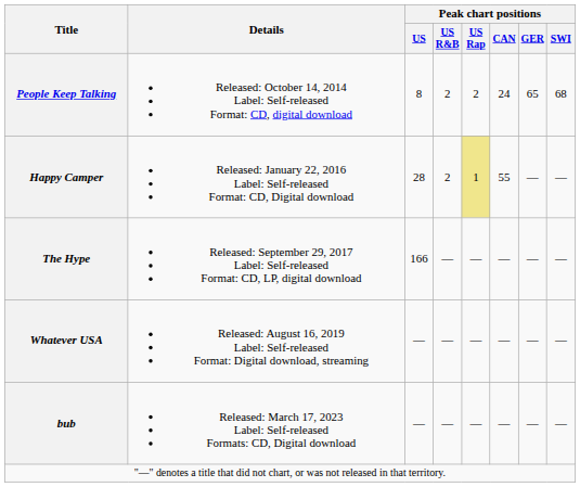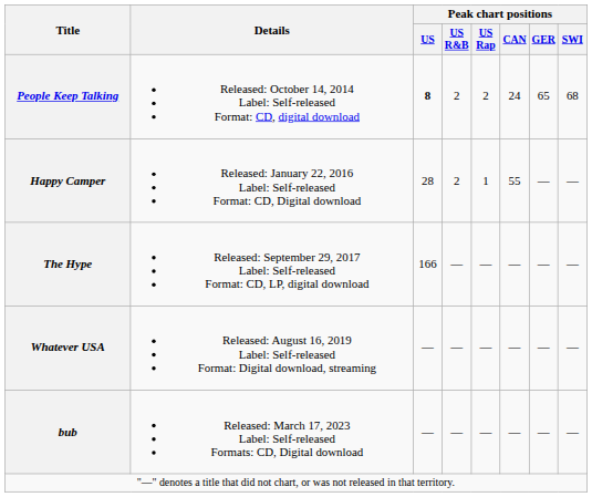 <table class="wikitable plainrowheaders" style="text-align:center;">
 <tr>
 <th scope="col" rowspan="2" style="width:10em;">Title</th>
 <th scope="col" rowspan="2" style="width:23em;">Details</th>
 <th scope="col" colspan="6">Peak chart positions</th>
 </tr>
 <tr>
 <th scope="col" style="width:2.2em; font-size:90%;"><a href='#'>US</a><br></th>
 <th scope="col" style="width:2.2em; font-size:90%;"><a href='#'>US R&B</a><br></th>
 <th scope="col" style="width:2.2em; font-size:90%;"><a href='#'>US Rap</a><br></th>
 <th scope="col" style="width:2.2em; font-size:90%;"><a href='#'>CAN</a><br></th>
 <th scope="col" style="width:2.2em; font-size:90%;"><a href='#'>GER</a><br></th>
 <th scope="col" style="width:2.2em; font-size:90%;"><a href='#'>SWI</a><br></th>
 </tr>
 <tr>
 <th scope="row"><em><a href='#'>People Keep Talking</a></em></th>
 <td><br><ul><li>Released: October 14, 2014</li><li>Label: Self-released</li><li>Format: <a href='#'>CD</a>, <a href='#'>digital download</a></li></ul></td>
-<td>8</td>
+<td><strong>8</strong></td>
 <td>2</td>
 <td>2</td>
 <td>24</td>
 <td>65</td>
 <td>68</td>
 </tr>
 <tr>
 <th scope="row"><em>Happy Camper</em></th>
 <td><br><ul><li>Released: January 22, 2016</li><li>Label: Self-released</li><li>Format: CD, Digital download</li></ul></td>
 <td>28</td>
 <td>2</td>
-<td style="background: khaki;">1</td>
+<td>1</td>
 <td>55</td>
 <td>—</td>
 <td>—</td>
 </tr>
 <tr>
 <th scope="row"><em>The Hype</em></th>
 <td><br><ul><li>Released: September 29, 2017</li><li>Label: Self-released</li><li>Format: CD, LP, digital download</li></ul></td>
 <td>166</td>
 <td>—</td>
 <td>—</td>
 <td>—</td>
 <td>—</td>
 <td>—</td>
 </tr>
 <tr>
 <th scope="row"><em>Whatever USA</em></th>
 <td><br><ul><li>Released: August 16, 2019</li><li>Label: Self-released</li><li>Format: Digital download, streaming</li></ul></td>
 <td>—</td>
 <td>—</td>
 <td>—</td>
 <td>—</td>
 <td>—</td>
 <td>—</td>
 </tr>
 <tr>
 <th scope="row"><em>bub</em></th>
 <td><br><ul><li>Released: March 17, 2023</li><li>Label: Self-released</li><li>Formats: CD, Digital download</li></ul></td>
 <td>—</td>
 <td>—</td>
 <td>—</td>
 <td>—</td>
 <td>—</td>
 <td>—</td>
 </tr>
 <tr>
 <td colspan="14" style="font-size:90%;">"—" denotes a title that did not chart, or was not released in that territory.</td>
 </tr>
 </table>
